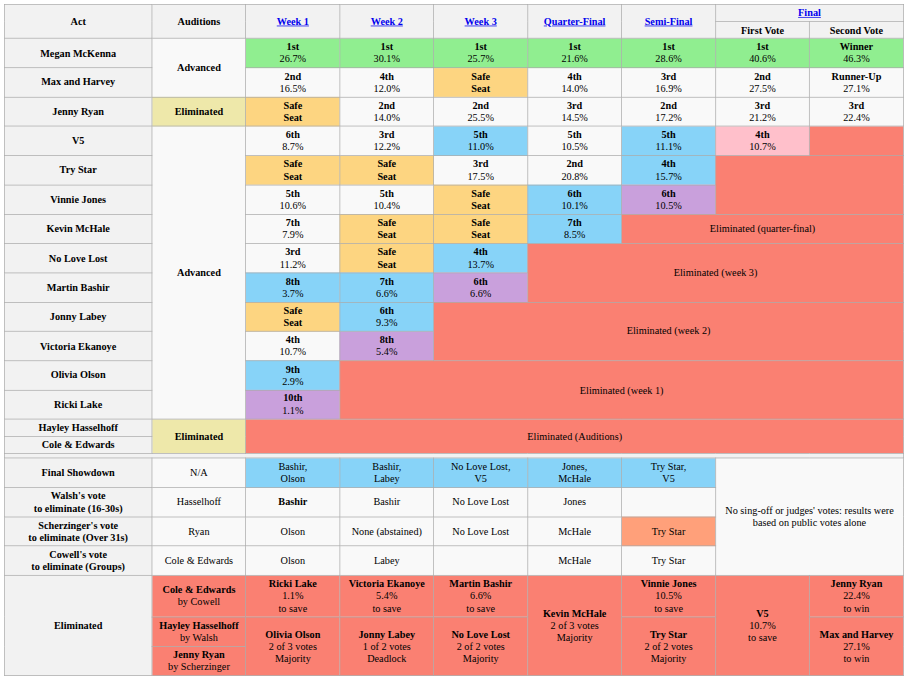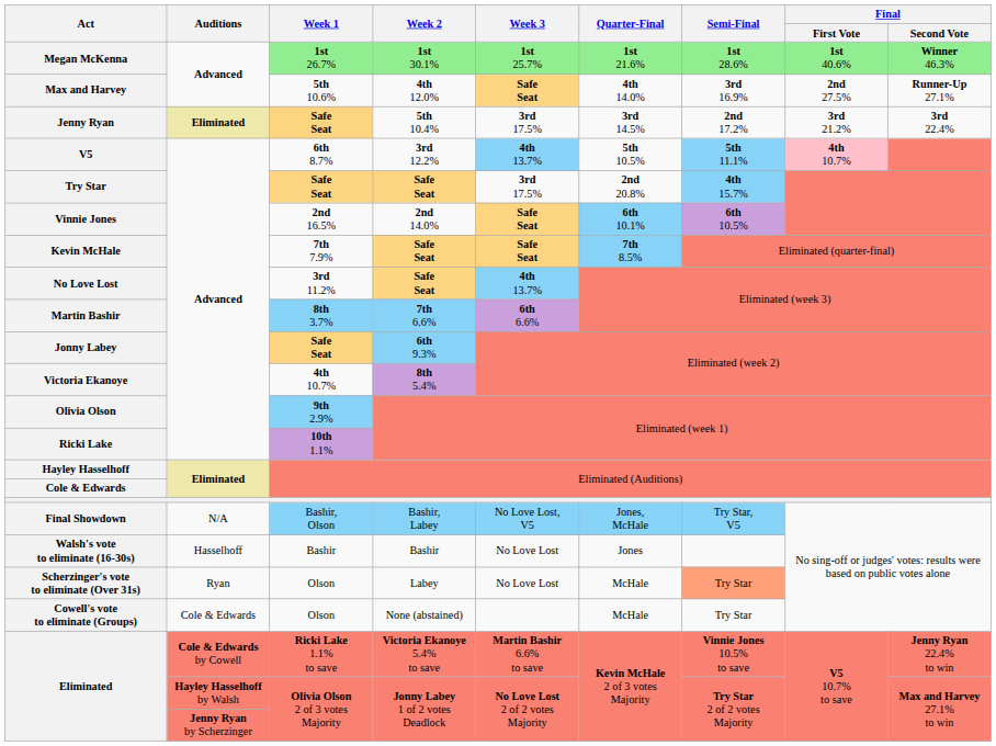 <table class="wikitable" style="text-align:center; font-size:89%">
 <tr>
 <th style="width:11%" rowspan="2" scope="col">Act</th>
 <th style="width:7%" rowspan="2">Auditions</th>
 <th style="width:7%" rowspan="2" scope="col"><a href='#'>Week 1</a></th>
 <th style="width:7%" rowspan="2" scope="col"><a href='#'>Week 2</a></th>
 <th style="width:7%" rowspan="2" scope="col"><a href='#'>Week 3</a></th>
 <th style="width:7%" rowspan="2" scope="col"><a href='#'>Quarter-Final</a></th>
 <th style="width:7%" rowspan="2" scope="col"><a href='#'>Semi-Final</a></th>
 <th colspan="2"><a href='#'>Final</a></th>
 </tr>
 <tr>
 <th style="width:7%">First Vote</th>
 <th style="width:7%">Second Vote</th>
 </tr>
 <tr>
 <th scope="row">Megan McKenna</th>
 <td rowspan=2><strong>Advanced</strong></td>
 <td style="background:lightgreen;"><strong>1st</strong><br>26.7%</td>
 <td style="background:lightgreen;"><strong>1st</strong><br>30.1%</td>
 <td style="background:lightgreen;"><strong>1st</strong><br>25.7%</td>
 <td style="background:lightgreen;"><strong>1st</strong><br>21.6%</td>
 <td style="background:lightgreen;"><strong>1st</strong><br>28.6%</td>
 <td style="background:lightgreen;"><strong>1st</strong><br>40.6%</td>
 <td style="background:lightgreen;"><strong>Winner</strong><br>46.3%</td>
 </tr>
 <tr>
 <th scope="row">Max and Harvey</th>
-<td><strong>2nd</strong><br>16.5%</td>
+<td><strong>5th</strong><br>10.6%</td>
 <td><strong>4th</strong><br>12.0%</td>
 <td style="background:#fdd581;"><strong>Safe<br>Seat</strong></td>
 <td><strong>4th</strong><br>14.0%</td>
 <td><strong>3rd</strong><br>16.9%</td>
 <td><strong>2nd</strong><br>27.5%</td>
 <td style="background:;"><strong>Runner-Up</strong><br>27.1%</td>
 </tr>
 <tr>
 <th scope="row">Jenny Ryan</th>
 <td style="background:#EEE8AA;"><strong>Eliminated</strong></td>
 <td style="background:#fdd581;"><strong>Safe<br>Seat</strong></td>
-<td><strong>2nd</strong><br>14.0%</td>
-<td><strong>2nd</strong><br>25.5%</td>
+<td><strong>5th</strong><br>10.4%</td>
+<td><strong>3rd</strong><br>17.5%</td>
 <td><strong>3rd</strong><br>14.5%</td>
 <td><strong>2nd</strong><br>17.2%</td>
 <td><strong>3rd</strong><br>21.2%</td>
 <td style="background:#;"><strong>3rd</strong><br>22.4%</td>
 </tr>
 <tr>
 <th scope="row">V5</th>
 <td rowspan=10><strong>Advanced</strong></td>
 <td><strong>6th</strong><br>8.7%</td>
 <td><strong>3rd</strong><br>12.2%</td>
-<td style="background:#87D3F8;"><strong>5th</strong><br>11.0%</td>
+<td style="background:#87D3F8;"><strong>4th</strong><br>13.7%</td>
 <td><strong>5th</strong><br>10.5%</td>
 <td style="background:#87D3F8;"><strong>5th</strong><br>11.1%</td>
 <td style="background:pink;"><strong>4th</strong><br>10.7%</td>
 <td style="background:salmon;"></td>
 </tr>
 <tr>
 <th scope="row">Try Star</th>
 <td style="background:#fdd581;"><strong>Safe<br>Seat</strong></td>
 <td style="background:#fdd581;"><strong>Safe<br>Seat</strong></td>
 <td><strong>3rd</strong><br>17.5%</td>
 <td><strong>2nd</strong><br>20.8%</td>
 <td style="background:#87D3F8;"><strong>4th</strong><br>15.7%</td>
 <td rowspan=2 colspan="2" style="background:salmon;"></td>
 </tr>
 <tr>
 <th scope="row">Vinnie Jones</th>
-<td><strong>5th</strong><br>10.6%</td>
-<td><strong>5th</strong><br>10.4%</td>
+<td><strong>2nd</strong><br>16.5%</td>
+<td><strong>2nd</strong><br>14.0%</td>
 <td style="background:#fdd581;"><strong>Safe<br>Seat</strong></td>
 <td style="background:#87D3F8;"><strong>6th</strong><br>10.1%</td>
 <td style="background:#C9A0DC;"><strong>6th</strong><br>10.5%</td>
 </tr>
 <tr>
 <th scope="row">Kevin McHale</th>
 <td><strong>7th</strong><br>7.9%</td>
 <td style="background:#fdd581;"><strong>Safe<br>Seat</strong></td>
 <td style="background:#fdd581;"><strong>Safe<br>Seat</strong></td>
 <td style="background:#87D3F8;"><strong>7th</strong><br>8.5%</td>
 <td colspan="3" style="background:salmon;">Eliminated (quarter-final)</td>
 </tr>
 <tr>
 <th scope="row">No Love Lost</th>
 <td><strong>3rd</strong><br>11.2%</td>
 <td style="background:#fdd581;"><strong>Safe<br>Seat</strong></td>
 <td style="background:#87D3F8;"><strong>4th</strong><br>13.7%</td>
 <td rowspan=2 colspan="4" style="background:salmon;">Eliminated (week 3)</td>
 </tr>
 <tr>
 <th scope="row">Martin Bashir</th>
 <td style="background:#87D3F8;"><strong>8th</strong><br>3.7%</td>
 <td style="background:#87D3F8;"><strong>7th</strong><br>6.6%</td>
 <td style="background:#C9A0DC;"><strong>6th</strong><br>6.6%</td>
 </tr>
 <tr>
 <th scope="row">Jonny Labey</th>
 <td style="background:#fdd581;"><strong>Safe<br>Seat</strong></td>
 <td style="background:#87D3F8;"><strong>6th</strong><br>9.3%</td>
 <td rowspan=2 colspan="5" style="background:salmon;">Eliminated (week 2)</td>
 </tr>
 <tr>
 <th scope="row">Victoria Ekanoye</th>
 <td><strong>4th</strong><br>10.7%</td>
 <td style="background:#C9A0DC;"><strong>8th</strong><br>5.4%</td>
 </tr>
 <tr>
 <th scope="row">Olivia Olson</th>
 <td style="background:#87D3F8;"><strong>9th</strong><br>2.9%</td>
 <td rowspan=2 colspan="6" style="background:salmon;">Eliminated (week 1)</td>
 </tr>
 <tr>
 <th scope="row">Ricki Lake</th>
 <td style="background:#C9A0DC;"><strong>10th</strong><br>1.1%</td>
 </tr>
 <tr>
 <th>Hayley Hasselhoff</th>
 <td rowspan=2 style="background:#EEE8AA;"><strong>Eliminated</strong></td>
 <td colspan="7" rowspan="2" style="background:salmon">Eliminated (Auditions)</td>
 </tr>
 <tr>
 <th>Cole & Edwards</th>
 </tr>
 <tr>
 <th colspan="11"></th>
 </tr>
 <tr>
 <th scope="row">Final Showdown</th>
 <td rowspan="1">N/A</td>
 <td style="background:#87D3F8">Bashir,<br>Olson</td>
 <td style="background:#87D3F8">Bashir,<br>Labey</td>
 <td style="background:#87D3F8">No Love Lost,<br>V5</td>
 <td style="background:#87D3F8">Jones,<br>McHale</td>
 <td style="background:#87D3F8">Try Star,<br>V5</td>
 <td colspan="2" rowspan="4">No sing-off or judges' votes: results were based on public votes alone</td>
 </tr>
 <tr>
 <th scope="row">Walsh's vote<br>to eliminate (16-30s)</th>
 <td>Hasselhoff</td>
-<td><strong>Bashir</strong></td>
+<td>Bashir</td>
 <td>Bashir</td>
 <td>No Love Lost</td>
 <td>Jones</td>
 <td></td>
 </tr>
 <tr>
 <th scope="row">Scherzinger's vote<br>to eliminate (Over 31s)</th>
 <td>Ryan</td>
 <td>Olson</td>
-<td>None (abstained)</td>
+<td>Labey</td>
 <td>No Love Lost</td>
 <td>McHale</td>
 <td style="background: lightsalmon;">Try Star</td>
 </tr>
 <tr>
 <th scope="row">Cowell's vote<br>to eliminate (Groups)</th>
 <td>Cole & Edwards</td>
 <td>Olson</td>
-<td>Labey</td>
+<td>None (abstained)</td>
 <td></td>
 <td>McHale</td>
 <td>Try Star</td>
 </tr>
 <tr>
 <th rowspan=3 scope="row">Eliminated</th>
 <td style="background:#FA8072"><strong>Cole & Edwards</strong><br>by Cowell</td>
 <td style="background:#FA8072"><strong>Ricki Lake</strong><br>1.1%<br>to save</td>
 <td style="background:#FA8072"><strong>Victoria Ekanoye</strong><br>5.4%<br>to save</td>
 <td style="background:#FA8072"><strong>Martin Bashir</strong><br>6.6%<br>to save</td>
 <td rowspan="3" style="background:#FA8072"><strong>Kevin McHale</strong><br>2 of 3 votes<br>Majority</td>
 <td style="background:#FA8072"><strong>Vinnie Jones</strong><br>10.5%<br>to save</td>
 <td rowspan="3" style="background:#FA8072; width:5%"><strong>V5</strong><br>10.7%<br>to save</td>
 <td style="background:#FA8072; "><strong>Jenny Ryan</strong><br>22.4%<br>to win</td>
 </tr>
 <tr>
 <td style="background:#FA8072"><strong>Hayley Hasselhoff</strong><br>by Walsh</td>
 <td rowspan=2 style="background:#FA8072"><strong>Olivia Olson</strong><br>2 of 3 votes<br>Majority</td>
 <td rowspan=2 style="background:#FA8072"><strong>Jonny Labey</strong><br>1 of 2 votes<br>Deadlock</td>
 <td rowspan=2 style="background:#FA8072"><strong>No Love Lost</strong><br>2 of 2 votes<br>Majority</td>
 <td rowspan=2 style="background:#FA8072"><strong>Try Star</strong><br>2 of 2 votes<br>Majority</td>
 <td rowspan=2 style="background:#FA8072"><strong>Max and Harvey</strong><br>27.1%<br>to win</td>
 </tr>
 <tr>
 <td style="background:#FA8072"><strong>Jenny Ryan</strong><br>by Scherzinger</td>
 </tr>
 </table>
